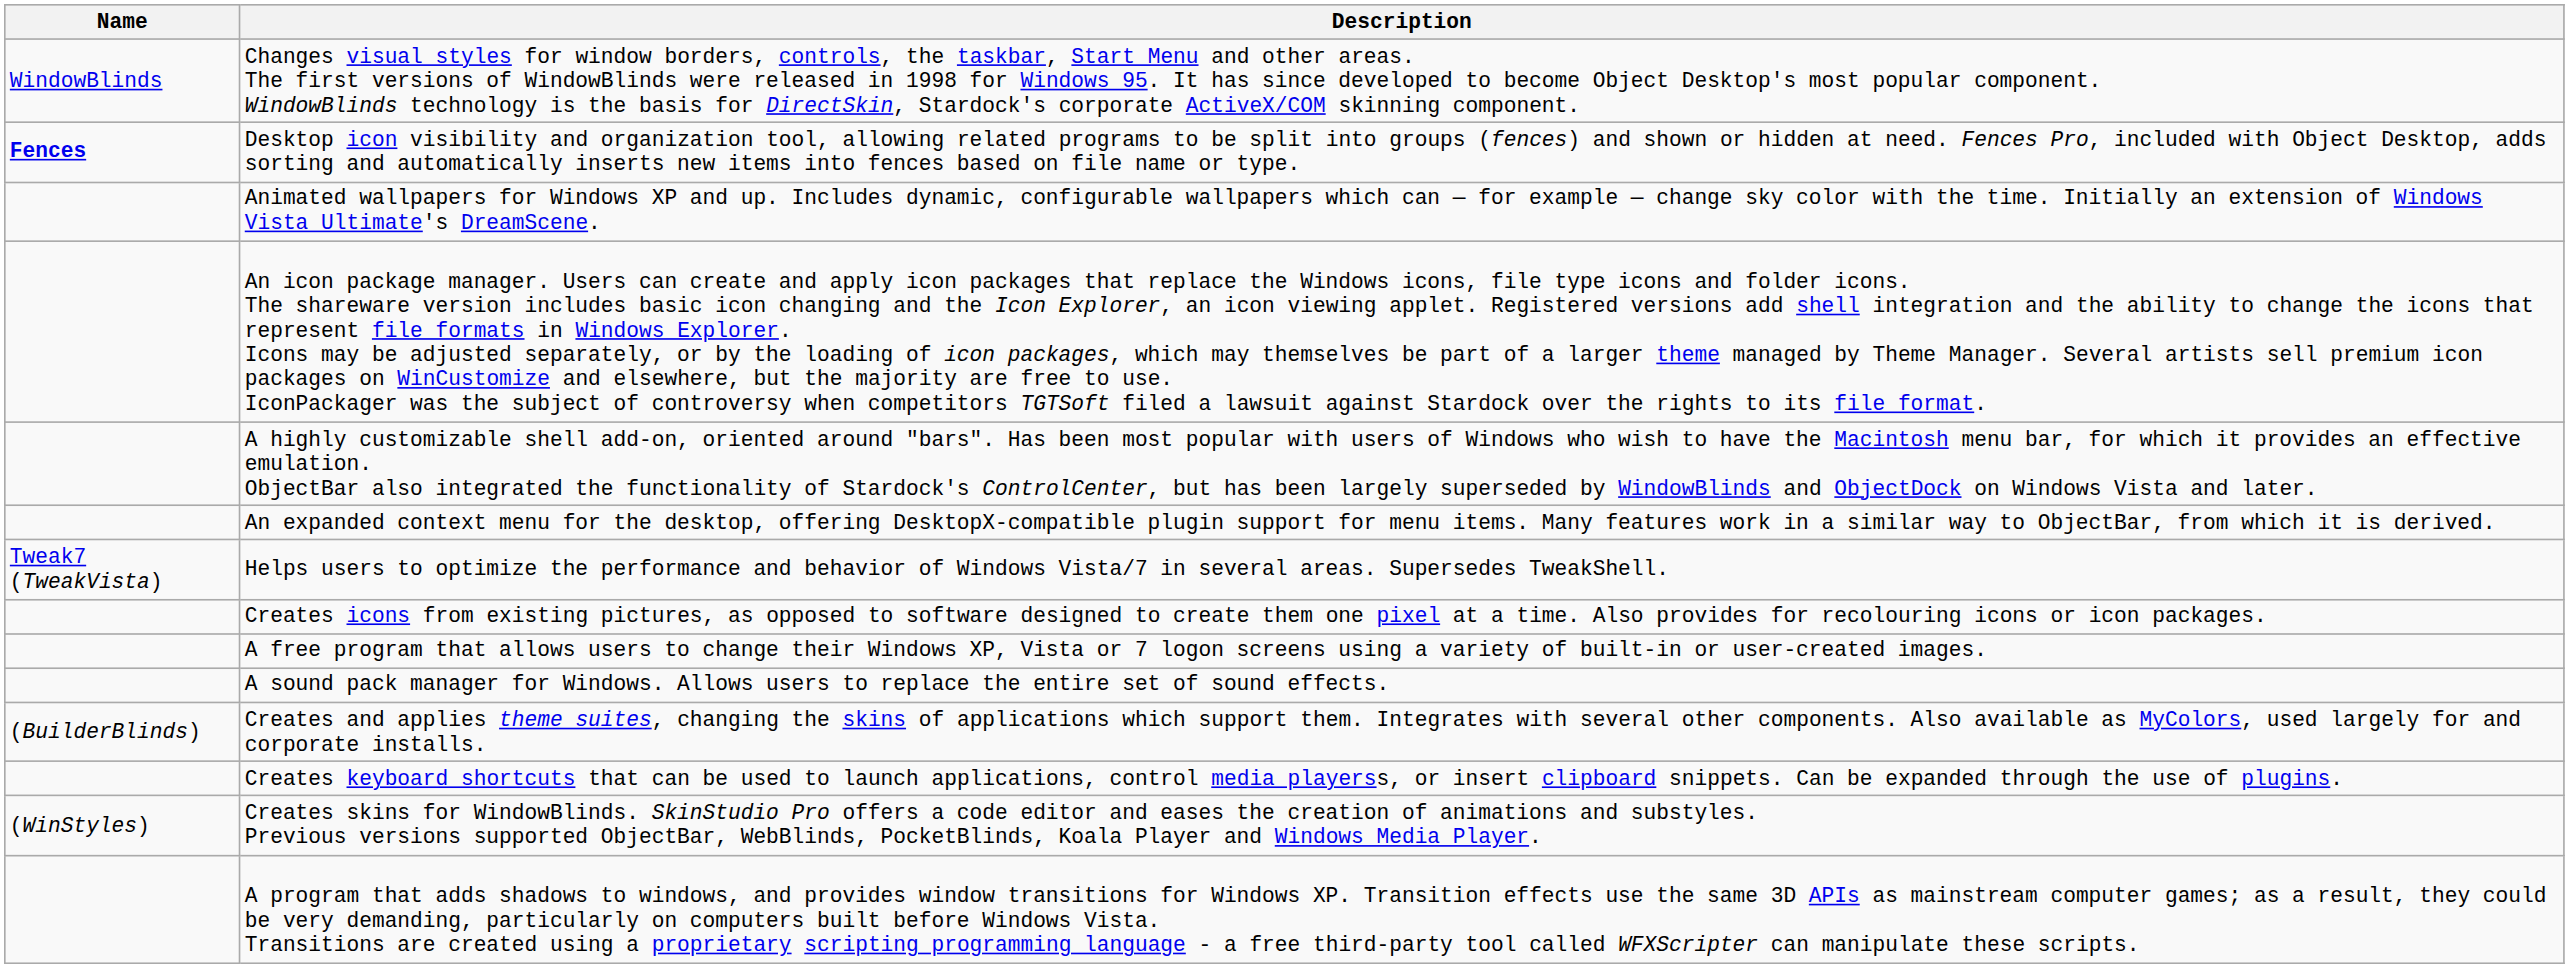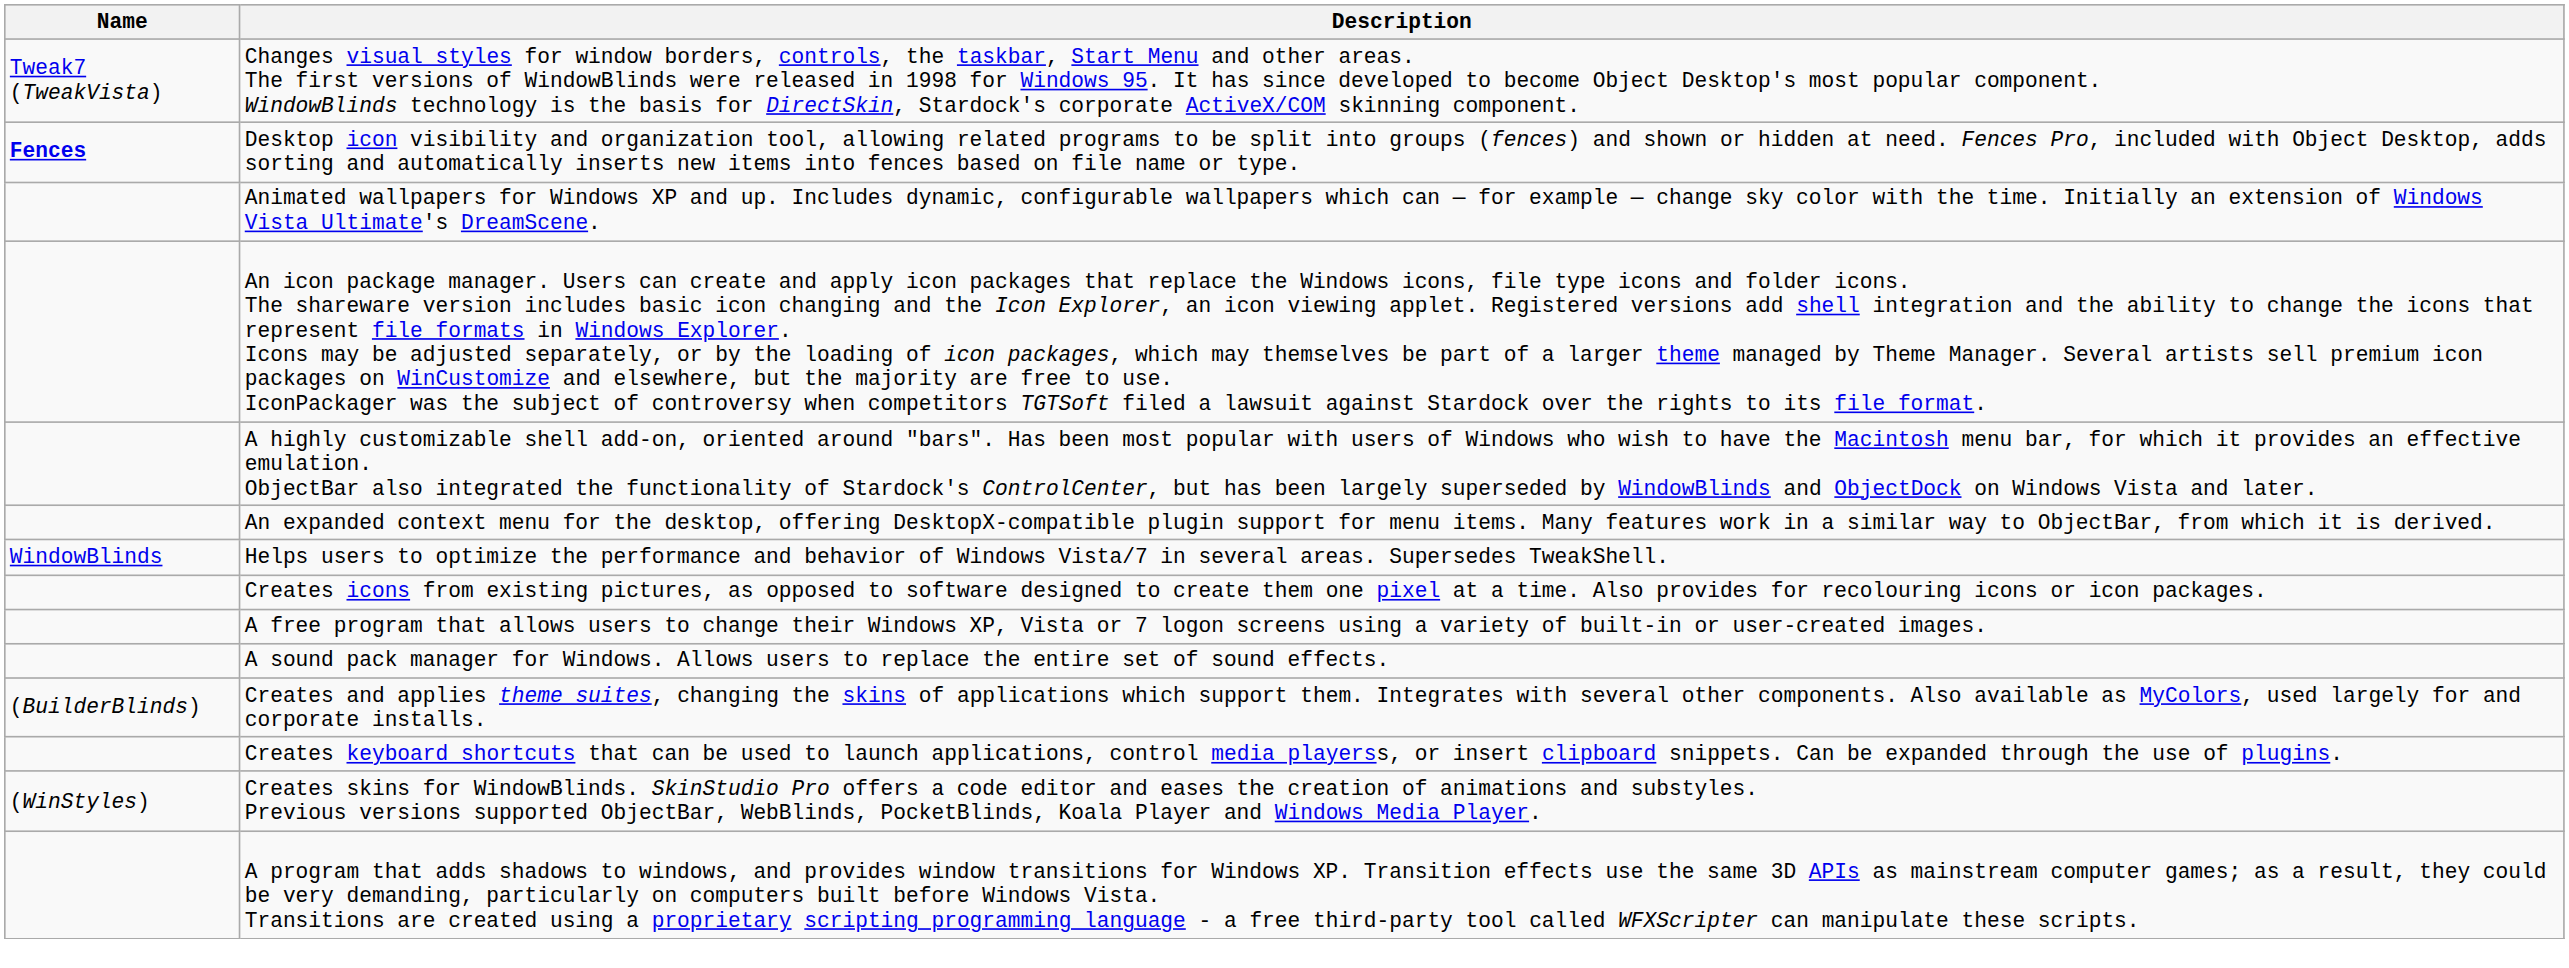 <table class="wikitable sortable">
 <tr>
 <th>Name</th>
 <th>Description</th>
 </tr>
 <tr>
-<td><a href='#'>WindowBlinds</a> </td>
+<td><a href='#'>Tweak7</a> (<em>TweakVista</em>)</td>
 <td>Changes <a href='#'>visual styles</a> for window borders, <a href='#'>controls</a>, the <a href='#'>taskbar</a>, <a href='#'>Start Menu</a> and other areas.<br>The first versions of WindowBlinds were released in 1998 for <a href='#'>Windows 95</a>. It has since developed to become Object Desktop's most popular component.<br><em>WindowBlinds</em> technology is the basis for <em><a href='#'>DirectSkin</a></em>, Stardock's corporate <a href='#'>ActiveX/COM</a> skinning component.</td>
 </tr>
 <tr>
 <td><strong><a href='#'>Fences</a></strong></td>
 <td>Desktop <a href='#'>icon</a> visibility and organization tool, allowing related programs to be split into groups (<em>fences</em>) and shown or hidden at need. <em>Fences Pro</em>, included with Object Desktop, adds sorting and automatically inserts new items into fences based on file name or type.</td>
 </tr>
 <tr>
 <td></td>
 <td>Animated wallpapers for Windows XP and up. Includes dynamic, configurable wallpapers which can — for example — change sky color with the time. Initially an extension of <a href='#'>Windows Vista Ultimate</a>'s <a href='#'>DreamScene</a>.</td>
 </tr>
 <tr>
 <td></td>
 <td><br>An icon package manager. Users can create and apply icon packages that replace the Windows icons, file type icons and folder icons.<br>The shareware version includes basic icon changing and the <em>Icon Explorer</em>, an icon viewing applet. Registered versions add <a href='#'>shell</a> integration and the ability to change the icons that represent <a href='#'>file formats</a> in <a href='#'>Windows Explorer</a>.<br>Icons may be adjusted separately, or by the loading of <em>icon packages</em>, which may themselves be part of a larger <a href='#'>theme</a> managed by Theme Manager. Several artists sell premium icon packages on <a href='#'>WinCustomize</a> and elsewhere, but the majority are free to use.<br>IconPackager was the subject of controversy when competitors <em>TGTSoft</em> filed a lawsuit against Stardock over the rights to its <a href='#'>file format</a>.</td>
 </tr>
 <tr>
 <td></td>
 <td>A highly customizable shell add-on, oriented around "bars". Has been most popular with users of Windows who wish to have the <a href='#'>Macintosh</a> menu bar, for which it provides an effective emulation.<br>ObjectBar also integrated the functionality of Stardock's <em>ControlCenter</em>, but has been largely superseded by <a href='#'>WindowBlinds</a> and <a href='#'>ObjectDock</a> on Windows Vista and later.</td>
 </tr>
 <tr>
 <td></td>
 <td>An expanded context menu for the desktop, offering DesktopX-compatible plugin support for menu items. Many features work in a similar way to ObjectBar, from which it is derived.</td>
 </tr>
 <tr>
-<td><a href='#'>Tweak7</a> (<em>TweakVista</em>)</td>
+<td><a href='#'>WindowBlinds</a> </td>
 <td>Helps users to optimize the performance and behavior of Windows Vista/7 in several areas. Supersedes TweakShell.</td>
 </tr>
 <tr>
 <td></td>
 <td>Creates <a href='#'>icons</a> from existing pictures, as opposed to software designed to create them one <a href='#'>pixel</a> at a time. Also provides for recolouring icons or icon packages.</td>
 </tr>
 <tr>
 <td></td>
 <td>A free program that allows users to change their Windows XP, Vista or 7 logon screens using a variety of built-in or user-created images.</td>
 </tr>
 <tr>
 <td></td>
 <td>A sound pack manager for Windows. Allows users to replace the entire set of sound effects.</td>
 </tr>
 <tr>
 <td> (<em>BuilderBlinds</em>)</td>
 <td>Creates and applies <em><a href='#'>theme suites</a></em>, changing the <a href='#'>skins</a> of applications which support them. Integrates with several other components. Also available as <a href='#'>MyColors</a>, used largely for  and corporate installs.</td>
 </tr>
 <tr>
 <td></td>
 <td>Creates <a href='#'>keyboard shortcuts</a> that can be used to launch applications, control <a href='#'>media players</a>s, or insert <a href='#'>clipboard</a> snippets. Can be expanded through the use of <a href='#'>plugins</a>.</td>
 </tr>
 <tr>
 <td> (<em>WinStyles</em>)</td>
 <td>Creates skins for WindowBlinds. <em>SkinStudio Pro</em> offers a code editor and eases the creation of animations and substyles.<br>Previous versions supported ObjectBar, WebBlinds, PocketBlinds, Koala Player and <a href='#'>Windows Media Player</a>.</td>
 </tr>
 <tr>
 <td></td>
 <td><br>A program that adds shadows to windows, and provides window transitions for Windows XP. Transition effects use the same 3D <a href='#'>APIs</a> as mainstream computer games; as a result, they could be very demanding, particularly on computers built before Windows Vista.<br>Transitions are created using a <a href='#'>proprietary</a> <a href='#'>scripting programming language</a> - a free third-party tool called <em>WFXScripter</em> can manipulate these scripts.</td>
 </tr>
 </table>
